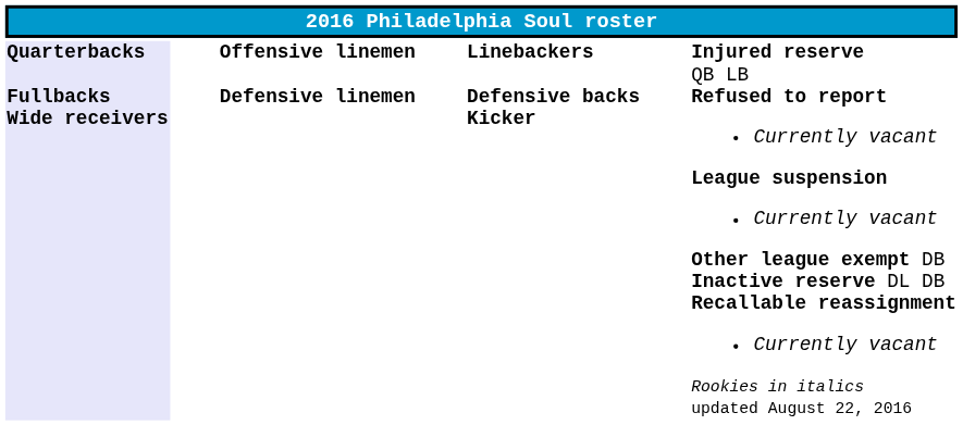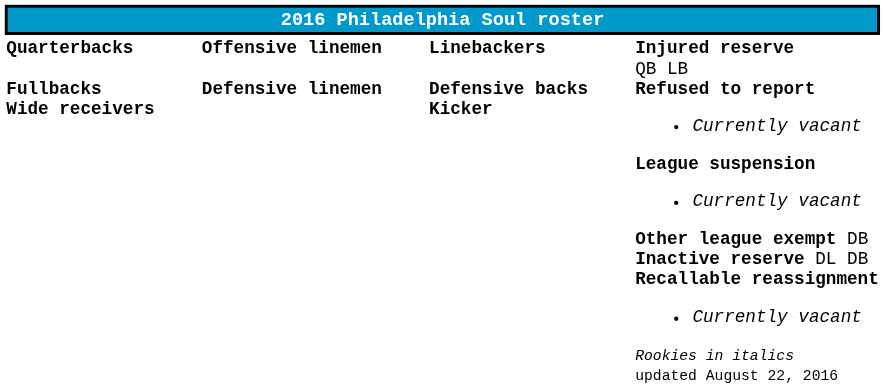 <table class="toccolours" style="text-align: left;">
 <tr>
 <th colspan=7 style="background:#09C; border: 2px solid #000; color:#fff; text-align:center;"><strong>2016 Philadelphia Soul roster</strong></th>
 </tr>
 <tr>
-<td style="background: lavender; font-size: 95%;vertical-align:top;"><strong>Quarterbacks</strong><br> <br><strong>Fullbacks</strong> <br><strong>Wide receivers</strong>     </td>
+<td style="font-size: 95%;vertical-align:top;"><strong>Quarterbacks</strong><br> <br><strong>Fullbacks</strong> <br><strong>Wide receivers</strong>     </td>
 <td style="width: 25px;"></td>
 <td style="font-size: 95%;vertical-align:top;"><strong>Offensive linemen</strong><br>   <br><strong>Defensive linemen</strong>     </td>
 <td style="width: 25px;"></td>
 <td style="font-size: 95%;vertical-align:top;"><strong>Linebackers</strong><br> <br><strong>Defensive backs</strong>    <br><strong>Kicker</strong> </td>
 <td style="width: 25px;"></td>
 <td style="font-size: 95%;vertical-align:top;"><strong>Injured reserve</strong><br> QB  LB<br><strong>Refused to report</strong><ul><li><em>Currently vacant</em></li></ul><strong>League suspension</strong><ul><li><em>Currently vacant</em></li></ul><strong>Other league exempt</strong>  DB<br><strong>Inactive reserve</strong>  DL  DB<br><strong>Recallable reassignment</strong><ul><li><em>Currently vacant</em></li></ul><small><em>Rookies in italics</em><br><span></span> updated August 22, 2016</small><br> </td>
 </tr>
 <tr>
 </tr>
 </table>
